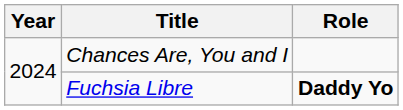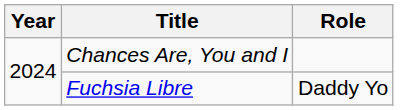 <table class="wikitable">
 <tr>
 <th>Year</th>
 <th>Title</th>
 <th>Role</th>
 </tr>
 <tr>
 <td rowspan="2">2024</td>
 <td><em>Chances Are, You and I</em></td>
 <td></td>
 </tr>
 <tr>
 <td><em><a href='#'>Fuchsia Libre</a></em></td>
-<td><strong>Daddy Yo</strong></td>
+<td>Daddy Yo</td>
 </tr>
 </table>
